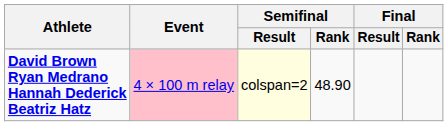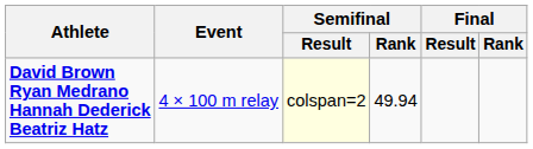 <table class="wikitable" style="font-size:90%">
 <tr>
 <th rowspan="2">Athlete</th>
 <th rowspan="2">Event</th>
 <th colspan="2">Semifinal</th>
 <th colspan="2">Final</th>
 </tr>
 <tr style="font-size:95%">
 <th>Result</th>
 <th>Rank</th>
 <th>Result</th>
 <th>Rank</th>
 </tr>
 <tr align=center>
 <td align=left><strong><a href='#'>David Brown</a><br><a href='#'>Ryan Medrano</a><br><a href='#'>Hannah Dederick</a><br><a href='#'>Beatriz Hatz</a></strong></td>
-<td align=left style="background: pink;"><a href='#'>4 × 100 m relay</a></td>
+<td align=left><a href='#'>4 × 100 m relay</a></td>
 <td style="background: lightyellow;">colspan=2 </td>
-<td>48.90</td>
+<td>49.94</td>
 <td></td>
 </tr>
 </table>
